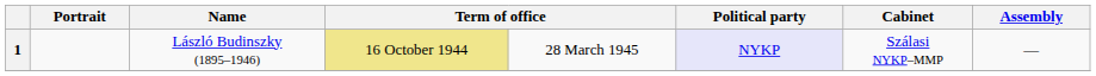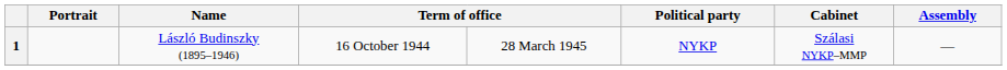 <table class="wikitable" style="width:90%; text-align:center;">
 <tr>
 <th></th>
 <th>Portrait</th>
 <th>Name<br></th>
 <th colspan=2>Term of office</th>
 <th>Political party</th>
 <th>Cabinet</th>
 <th><a href='#'>Assembly</a><br></th>
 </tr>
 <tr>
 <th style="background-color:">1</th>
 <td></td>
 <td><a href='#'>László Budinszky</a><br><small>(1895–1946)</small></td>
-<td style="background: khaki;">16 October 1944</td>
+<td>16 October 1944</td>
 <td>28 March 1945</td>
-<td style="background: lavender;"><a href='#'>NYKP</a></td>
+<td><a href='#'>NYKP</a></td>
 <td><a href='#'>Szálasi</a><br><small><a href='#'>NYKP</a>–MMP</small></td>
 <td>—</td>
 </tr>
 <tr>
 </tr>
 </table>
